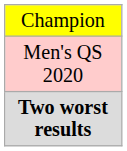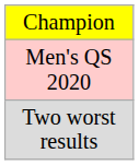 <table class="wikitable"  style="width:15%; text-align:center;">
 <tr>
 <td style="background:yellow;">Champion</td>
 </tr>
 <tr>
 <td style="background:#fcc;">Men's QS 2020</td>
 </tr>
 <tr>
-<td style="background:#dcdcdc;"><strong>Two worst results</strong></td>
+<td style="background:#dcdcdc;">Two worst results</td>
 </tr>
 </table>
